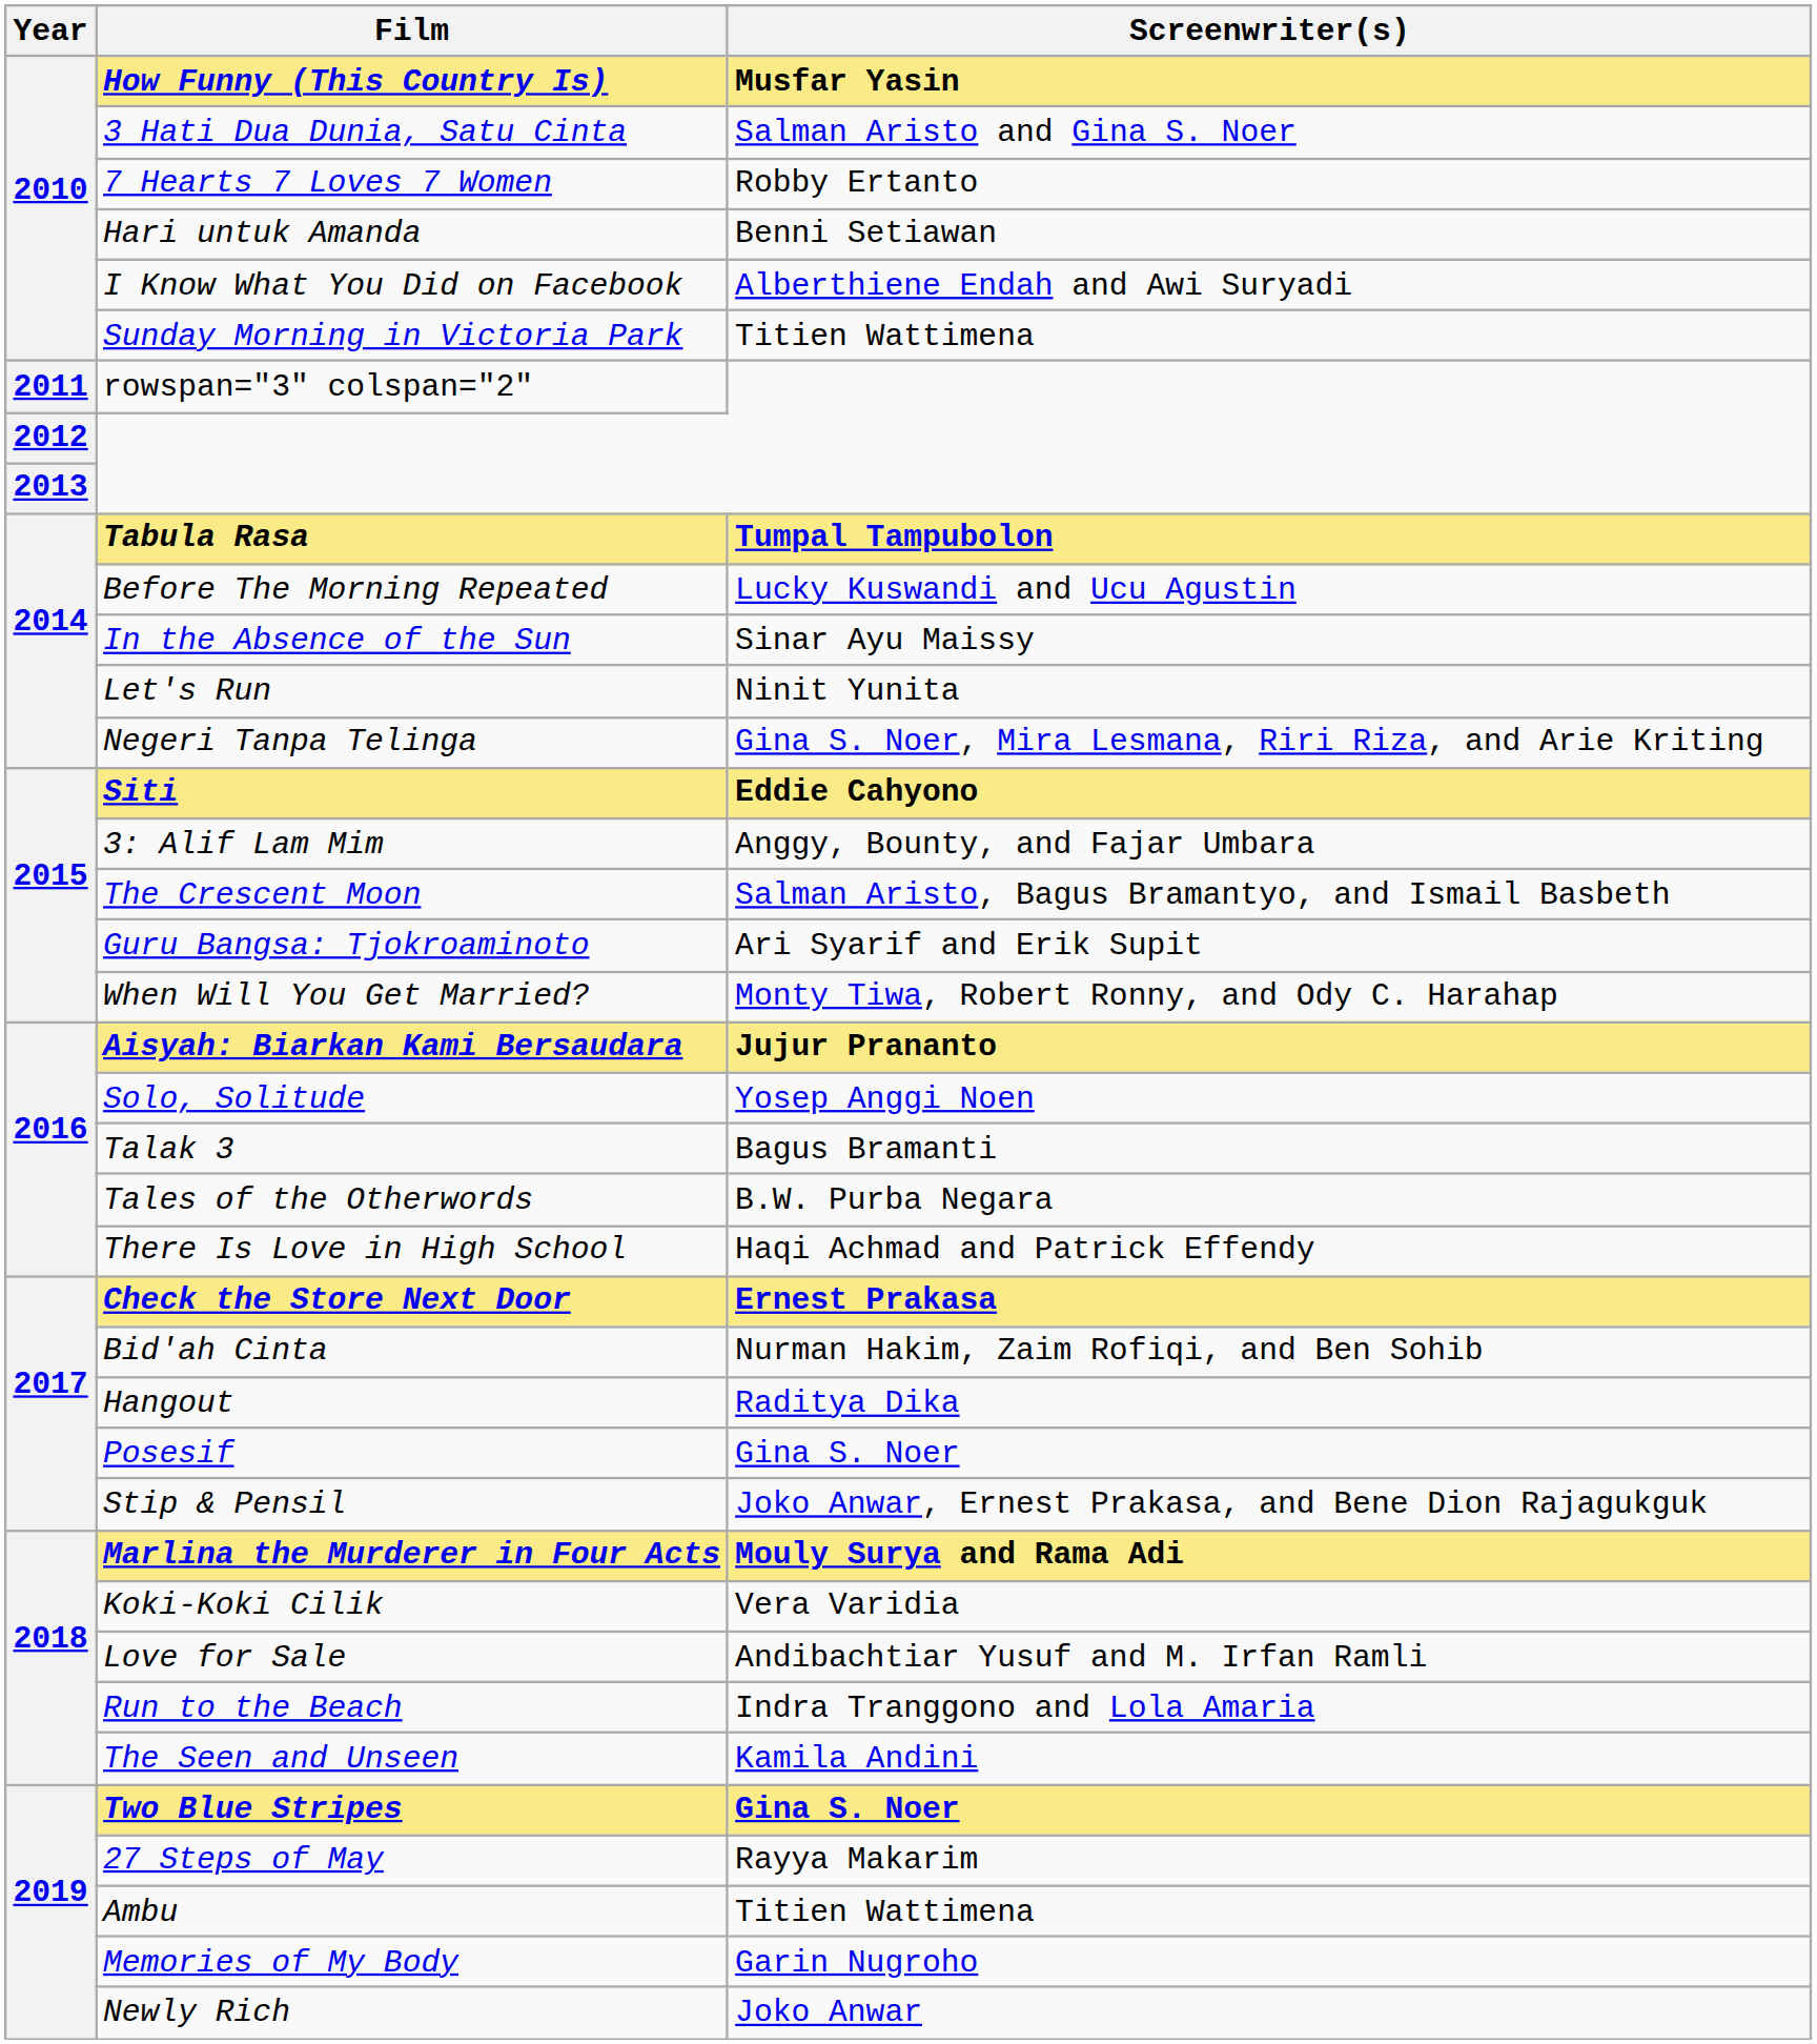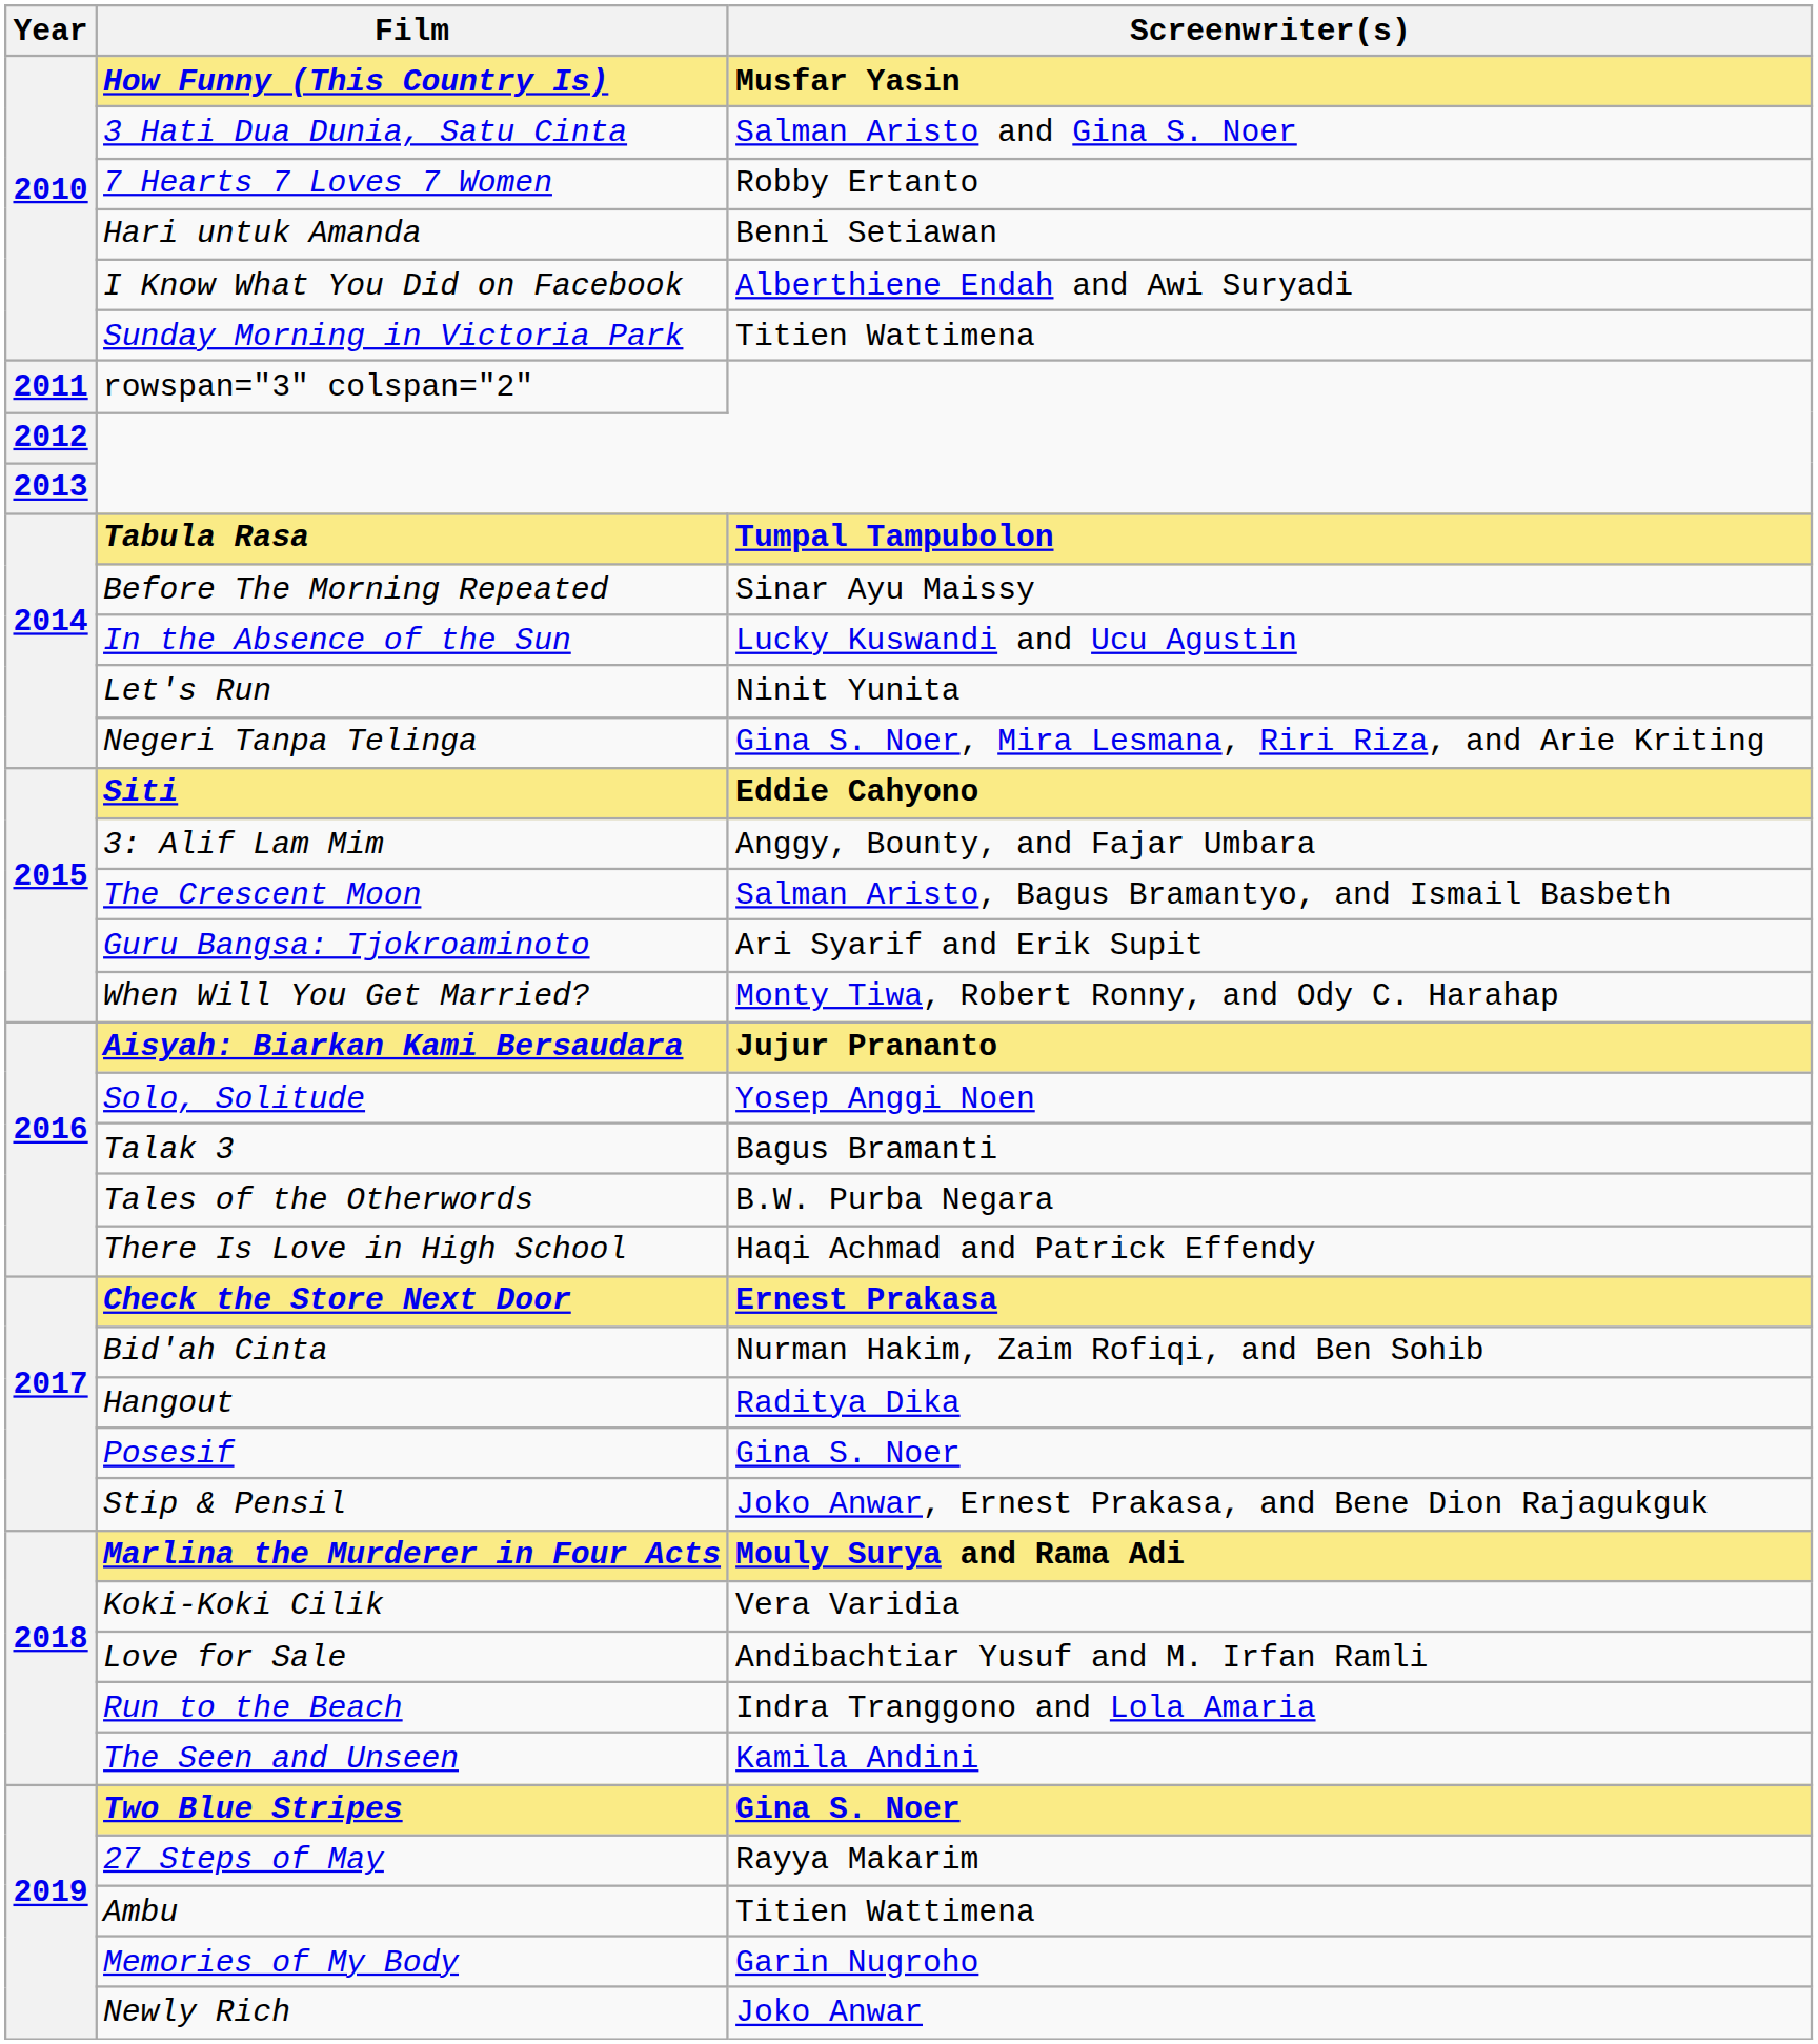 <table class="wikitable" rowspan=2 style="text-align: left;" border="2" cellpadding="4">
 <tr>
 <th scope="col" style="width:5%;">Year</th>
 <th scope="col" style="width:35%;">Film</th>
 <th scope="col" style="width:60%;">Screenwriter(s)</th>
 </tr>
 <tr>
 <th style="text-align:center;" rowspan="6"><a href='#'>2010</a><br><br></th>
 <td scope="row" style="background:#FAEB86;"><strong><em><a href='#'>How Funny (This Country Is)</a></em></strong></td>
 <td style="background:#FAEB86;"><strong>Musfar Yasin </strong></td>
 </tr>
 <tr>
 <td><em><a href='#'>3 Hati Dua Dunia, Satu Cinta</a></em></td>
 <td><a href='#'>Salman Aristo</a> and <a href='#'>Gina S. Noer</a></td>
 </tr>
 <tr>
 <td><em><a href='#'>7 Hearts 7 Loves 7 Women</a></em></td>
 <td>Robby Ertanto</td>
 </tr>
 <tr>
 <td><em>Hari untuk Amanda</em></td>
 <td>Benni Setiawan</td>
 </tr>
 <tr>
 <td><em>I Know What You Did on Facebook</em></td>
 <td><a href='#'>Alberthiene Endah</a> and Awi Suryadi</td>
 </tr>
 <tr>
 <td><em><a href='#'>Sunday Morning in Victoria Park</a></em></td>
 <td>Titien Wattimena</td>
 </tr>
 <tr>
 <th style="text-align:center;"><a href='#'>2011</a><br></th>
 <td>rowspan="3" colspan="2" </td>
 </tr>
 <tr>
 <th style="text-align:center;"><a href='#'>2012</a><br></th>
 </tr>
 <tr>
 <th style="text-align:center;"><a href='#'>2013</a><br></th>
 </tr>
 <tr>
 <th style="text-align:center;" rowspan="5"><a href='#'>2014</a><br><br></th>
 <td scope="row" style="background:#FAEB86;"><strong><em>Tabula Rasa</em></strong></td>
 <td style="background:#FAEB86;"><strong><a href='#'>Tumpal Tampubolon</a> </strong></td>
 </tr>
 <tr>
 <td><em>Before The Morning Repeated</em></td>
-<td><a href='#'>Lucky Kuswandi</a> and <a href='#'>Ucu Agustin</a></td>
+<td>Sinar Ayu Maissy</td>
 </tr>
 <tr>
 <td><em><a href='#'>In the Absence of the Sun</a></em></td>
-<td>Sinar Ayu Maissy</td>
+<td><a href='#'>Lucky Kuswandi</a> and <a href='#'>Ucu Agustin</a></td>
 </tr>
 <tr>
 <td><em>Let's Run</em></td>
 <td>Ninit Yunita</td>
 </tr>
 <tr>
 <td><em>Negeri Tanpa Telinga</em></td>
 <td><a href='#'>Gina S. Noer</a>, <a href='#'>Mira Lesmana</a>, <a href='#'>Riri Riza</a>, and Arie Kriting</td>
 </tr>
 <tr>
 <th style="text-align:center;" rowspan="5"><a href='#'>2015</a><br><br></th>
 <td scope="row" style="background:#FAEB86;"><strong><em><a href='#'>Siti</a></em></strong></td>
 <td style="background:#FAEB86;"><strong>Eddie Cahyono </strong></td>
 </tr>
 <tr>
 <td><em>3: Alif Lam Mim</em></td>
 <td>Anggy, Bounty, and Fajar Umbara</td>
 </tr>
 <tr>
 <td><em><a href='#'>The Crescent Moon</a></em></td>
 <td><a href='#'>Salman Aristo</a>, Bagus Bramantyo, and Ismail Basbeth</td>
 </tr>
 <tr>
 <td><em><a href='#'>Guru Bangsa: Tjokroaminoto</a></em></td>
 <td>Ari Syarif and Erik Supit</td>
 </tr>
 <tr>
 <td><em>When Will You Get Married?</em></td>
 <td><a href='#'>Monty Tiwa</a>, Robert Ronny, and Ody C. Harahap</td>
 </tr>
 <tr>
 <th style="text-align:center;" rowspan="5"><a href='#'>2016</a><br><br></th>
 <td scope="row" style="background:#FAEB86;"><strong><em><a href='#'>Aisyah: Biarkan Kami Bersaudara</a></em></strong></td>
 <td style="background:#FAEB86;"><strong>Jujur Prananto </strong></td>
 </tr>
 <tr>
 <td><em><a href='#'>Solo, Solitude</a></em></td>
 <td><a href='#'>Yosep Anggi Noen</a></td>
 </tr>
 <tr>
 <td><em>Talak 3</em></td>
 <td>Bagus Bramanti</td>
 </tr>
 <tr>
 <td><em>Tales of the Otherwords</em></td>
 <td>B.W. Purba Negara</td>
 </tr>
 <tr>
 <td><em>There Is Love in High School</em></td>
 <td>Haqi Achmad and Patrick Effendy</td>
 </tr>
 <tr>
 <th style="text-align:center;" rowspan="5"><a href='#'>2017</a><br><br></th>
 <td scope="row" style="background:#FAEB86;"><strong><em><a href='#'>Check the Store Next Door</a></em></strong></td>
 <td style="background:#FAEB86;"><strong><a href='#'>Ernest Prakasa</a> </strong></td>
 </tr>
 <tr>
 <td><em>Bid'ah Cinta</em></td>
 <td>Nurman Hakim, Zaim Rofiqi, and Ben Sohib</td>
 </tr>
 <tr>
 <td><em>Hangout</em></td>
 <td><a href='#'>Raditya Dika</a></td>
 </tr>
 <tr>
 <td><em><a href='#'>Posesif</a></em></td>
 <td><a href='#'>Gina S. Noer</a></td>
 </tr>
 <tr>
 <td><em>Stip & Pensil</em></td>
 <td><a href='#'>Joko Anwar</a>, Ernest Prakasa, and Bene Dion Rajagukguk</td>
 </tr>
 <tr>
 <th style="text-align:center;" rowspan="5"><a href='#'>2018</a><br><br></th>
 <td scope="row" style="background:#FAEB86;"><strong><em><a href='#'>Marlina the Murderer in Four Acts</a></em></strong></td>
 <td style="background:#FAEB86;"><strong><a href='#'>Mouly Surya</a> and Rama Adi </strong></td>
 </tr>
 <tr>
 <td><em>Koki-Koki Cilik</em></td>
 <td>Vera Varidia</td>
 </tr>
 <tr>
 <td><em>Love for Sale</em></td>
 <td>Andibachtiar Yusuf and M. Irfan Ramli</td>
 </tr>
 <tr>
 <td><em><a href='#'>Run to the Beach</a></em></td>
 <td>Indra Tranggono and <a href='#'>Lola Amaria</a></td>
 </tr>
 <tr>
 <td><em><a href='#'>The Seen and Unseen</a></em></td>
 <td><a href='#'>Kamila Andini</a></td>
 </tr>
 <tr>
 <th style="text-align:center;" rowspan="6"><a href='#'>2019</a><br><br></th>
 <td scope="row" style="background:#FAEB86;"><strong><em><a href='#'>Two Blue Stripes</a></em></strong></td>
 <td style="background:#FAEB86;"><strong><a href='#'>Gina S. Noer</a> </strong></td>
 </tr>
 <tr>
 <td><em><a href='#'>27 Steps of May</a></em></td>
 <td>Rayya Makarim</td>
 </tr>
 <tr>
 <td><em>Ambu</em></td>
 <td>Titien Wattimena</td>
 </tr>
 <tr>
 <td><em><a href='#'>Memories of My Body</a></em></td>
 <td><a href='#'>Garin Nugroho</a></td>
 </tr>
 <tr>
 <td><em>Newly Rich</em></td>
 <td><a href='#'>Joko Anwar</a></td>
 </tr>
 </table>
